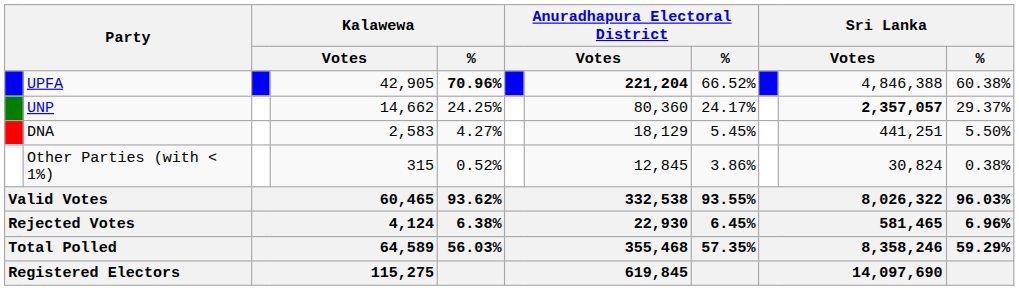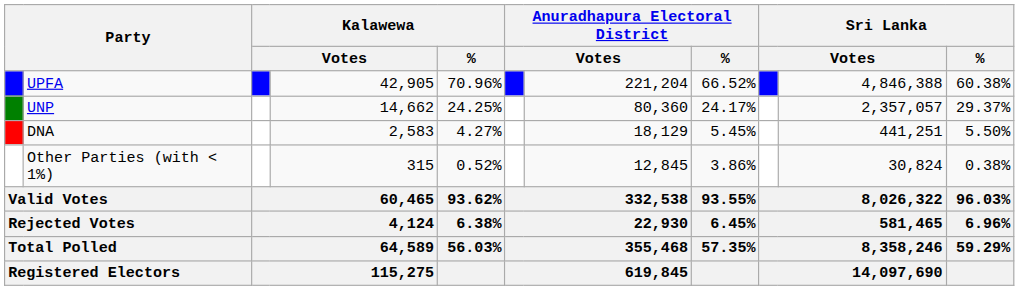 <table class="wikitable">
 <tr>
 <th colspan="2" width="144px"rowspan="2">Party</th>
 <th colspan="3" width="216px">Kalawewa</th>
 <th colspan="3" width="216px"><a href='#'>Anuradhapura Electoral District</a></th>
 <th colspan="3" width="216px">Sri Lanka</th>
 </tr>
 <tr>
 <th colspan="2" width="144px">Votes</th>
 <th>%</th>
 <th colspan="2" width="144px">Votes</th>
 <th>%</th>
 <th colspan="2" width="144px">Votes</th>
 <th>%</th>
 </tr>
 <tr>
 <td style="background-color:blue;" width="10px"></td>
 <td style="text-align:left;"><a href='#'>UPFA</a></td>
 <td style="background-color:blue;" width="10px"></td>
 <td style="text-align:right;">42,905</td>
-<td style="text-align:right;"><strong>70.96%</strong></td>
+<td style="text-align:right;">70.96%</td>
 <td style="background-color:blue;" width="10px"></td>
-<td style="text-align:right;"><strong>221,204</strong></td>
+<td style="text-align:right;">221,204</td>
 <td style="text-align:right;">66.52%</td>
 <td style="background-color:blue;" width="10px"></td>
 <td style="text-align:right;">4,846,388</td>
 <td style="text-align:right;">60.38%</td>
 </tr>
 <tr>
 <td style="background-color:green;" width="10px"></td>
 <td style="text-align:left;"><a href='#'>UNP</a></td>
 <td style="background-color:white;" width="10px"></td>
 <td style="text-align:right;">14,662</td>
 <td style="text-align:right;">24.25%</td>
 <td style="background-color:white;" width="10px"></td>
 <td style="text-align:right;">80,360</td>
 <td style="text-align:right;">24.17%</td>
 <td style="background-color:white;" width="10px"></td>
-<td style="text-align:right;"><strong>2,357,057</strong></td>
+<td style="text-align:right;">2,357,057</td>
 <td style="text-align:right;">29.37%</td>
 </tr>
 <tr>
 <td style="background-color:red;" width="10px"></td>
 <td style="text-align:left;">DNA</td>
 <td style="background-color:white;" width="10px"></td>
 <td style="text-align:right;">2,583</td>
 <td style="text-align:right;">4.27%</td>
 <td style="background-color:white;" width="10px"></td>
 <td style="text-align:right;">18,129</td>
 <td style="text-align:right;">5.45%</td>
 <td style="background-color:white;" width="10px"></td>
 <td style="text-align:right;">441,251</td>
 <td style="text-align:right;">5.50%</td>
 </tr>
 <tr>
 <td style="background-color:white;" width="10px"></td>
 <td style="text-align:left;">Other Parties (with < 1%)</td>
 <td style="background-color:white;" width="10px"></td>
 <td style="text-align:right;">315</td>
 <td style="text-align:right;">0.52%</td>
 <td style="background-color:white;" width="10px"></td>
 <td style="text-align:right;">12,845</td>
 <td style="text-align:right;">3.86%</td>
 <td style="background-color:white;" width="10px"></td>
 <td style="text-align:right;">30,824</td>
 <td style="text-align:right;">0.38%</td>
 </tr>
 <tr>
 <th colspan="2" width="144px"style="text-align:left;">Valid Votes</th>
 <th style="text-align:right;"colspan="2" width="144px">60,465</th>
 <th style="text-align:right;">93.62%</th>
 <th style="text-align:right;"colspan="2" width="144px">332,538</th>
 <th style="text-align:right;">93.55%</th>
 <th style="text-align:right;"colspan="2" width="144px">8,026,322</th>
 <th style="text-align:right;">96.03%</th>
 </tr>
 <tr>
 <th colspan="2" width="144px"style="text-align:left;">Rejected Votes</th>
 <th style="text-align:right;"colspan="2" width="144px">4,124</th>
 <th style="text-align:right;">6.38%</th>
 <th style="text-align:right;"colspan="2" width="144px">22,930</th>
 <th style="text-align:right;">6.45%</th>
 <th style="text-align:right;"colspan="2" width="144px">581,465</th>
 <th style="text-align:right;">6.96%</th>
 </tr>
 <tr>
 <th colspan="2" width="144px"style="text-align:left;">Total Polled</th>
 <th style="text-align:right;"colspan="2" width="144px">64,589</th>
 <th style="text-align:right;">56.03%</th>
 <th style="text-align:right;"colspan="2" width="144px">355,468</th>
 <th style="text-align:right;">57.35%</th>
 <th style="text-align:right;"colspan="2" width="144px">8,358,246</th>
 <th style="text-align:right;">59.29%</th>
 </tr>
 <tr>
 <th colspan="2" width="144px"style="text-align:left;">Registered Electors</th>
 <th style="text-align:right;"colspan="2" width="144px">115,275</th>
 <th></th>
 <th style="text-align:right;"colspan="2" width="144px">619,845</th>
 <th></th>
 <th style="text-align:right;"colspan="2" width="144px">14,097,690</th>
 <th></th>
 </tr>
 </table>
